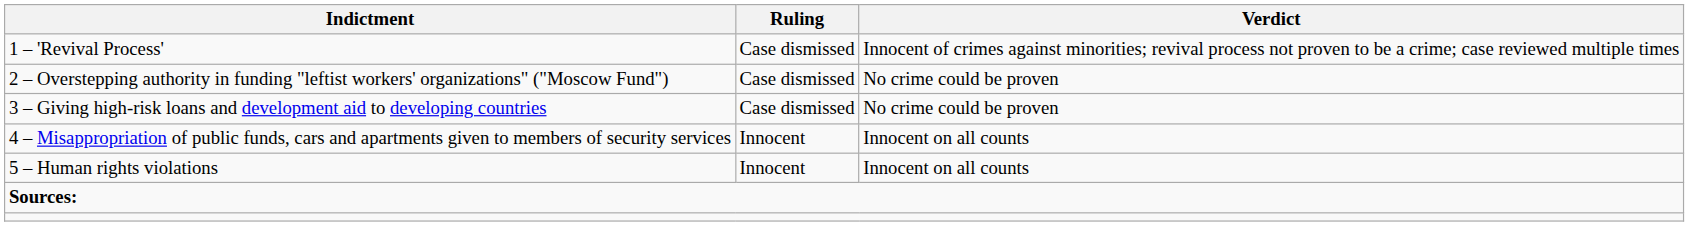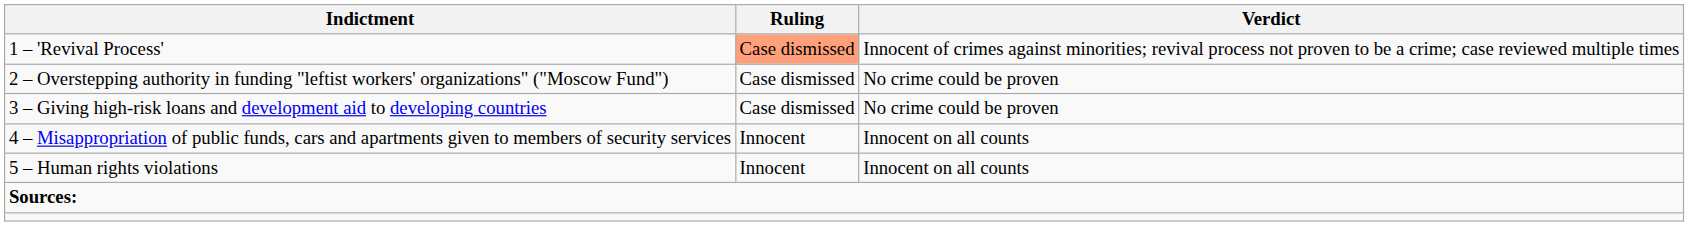 <table class="wikitable">
 <tr>
 <th>Indictment</th>
 <th>Ruling</th>
 <th>Verdict</th>
 </tr>
 <tr>
 <td>1 – 'Revival Process'</td>
-<td>Case dismissed</td>
+<td style="background: lightsalmon;">Case dismissed</td>
 <td>Innocent of crimes against minorities; revival process not proven to be a crime; case reviewed multiple times</td>
 </tr>
 <tr>
 <td>2 – Overstepping authority in funding "leftist workers' organizations" ("Moscow Fund")</td>
 <td>Case dismissed</td>
 <td>No crime could be proven</td>
 </tr>
 <tr>
 <td>3 – Giving high-risk loans and <a href='#'>development aid</a> to <a href='#'>developing countries</a></td>
 <td>Case dismissed</td>
 <td>No crime could be proven</td>
 </tr>
 <tr>
 <td>4 – <a href='#'>Misappropriation</a> of public funds, cars and apartments given to members of security services</td>
 <td>Innocent</td>
 <td>Innocent on all counts</td>
 </tr>
 <tr>
 <td>5 – Human rights violations</td>
 <td>Innocent</td>
 <td>Innocent on all counts</td>
 </tr>
 <tr>
 <td colspan="3"><strong>Sources:</strong></td>
 </tr>
 <tr>
 <td colspan="3"></td>
 </tr>
 </table>
